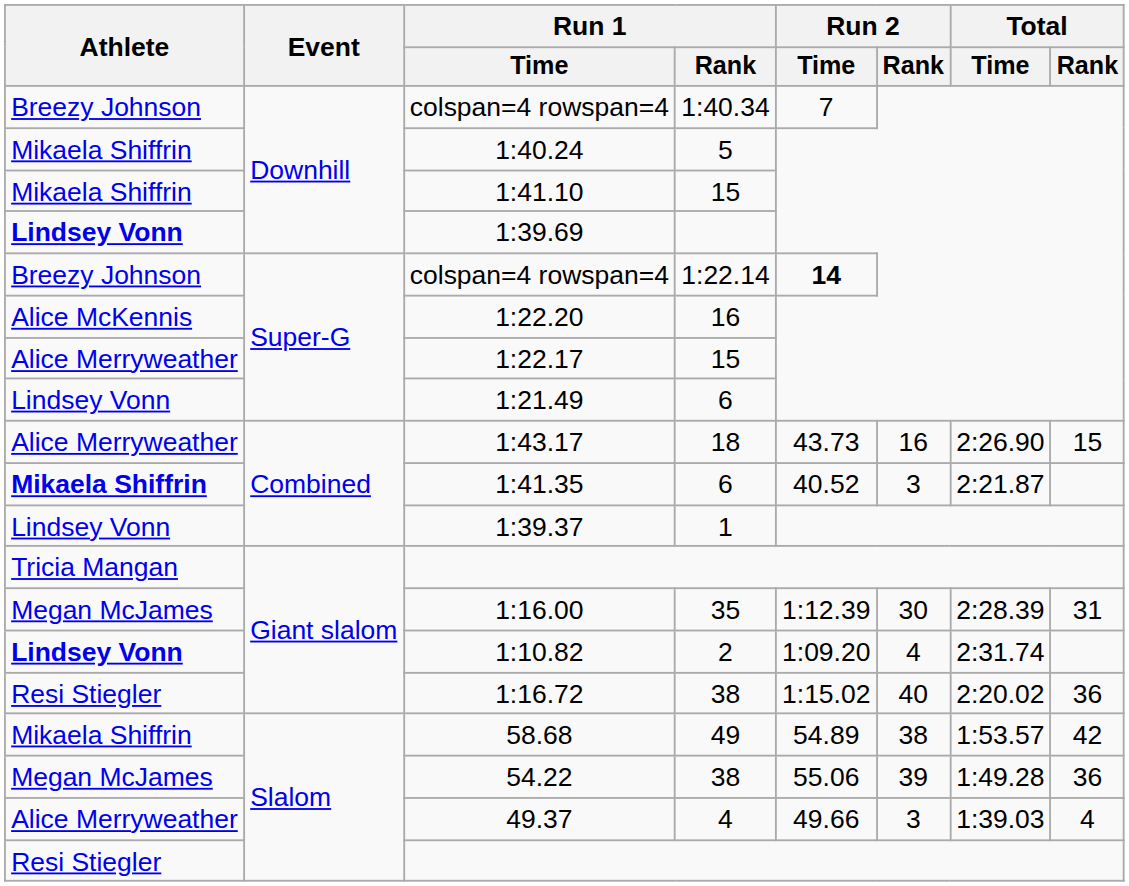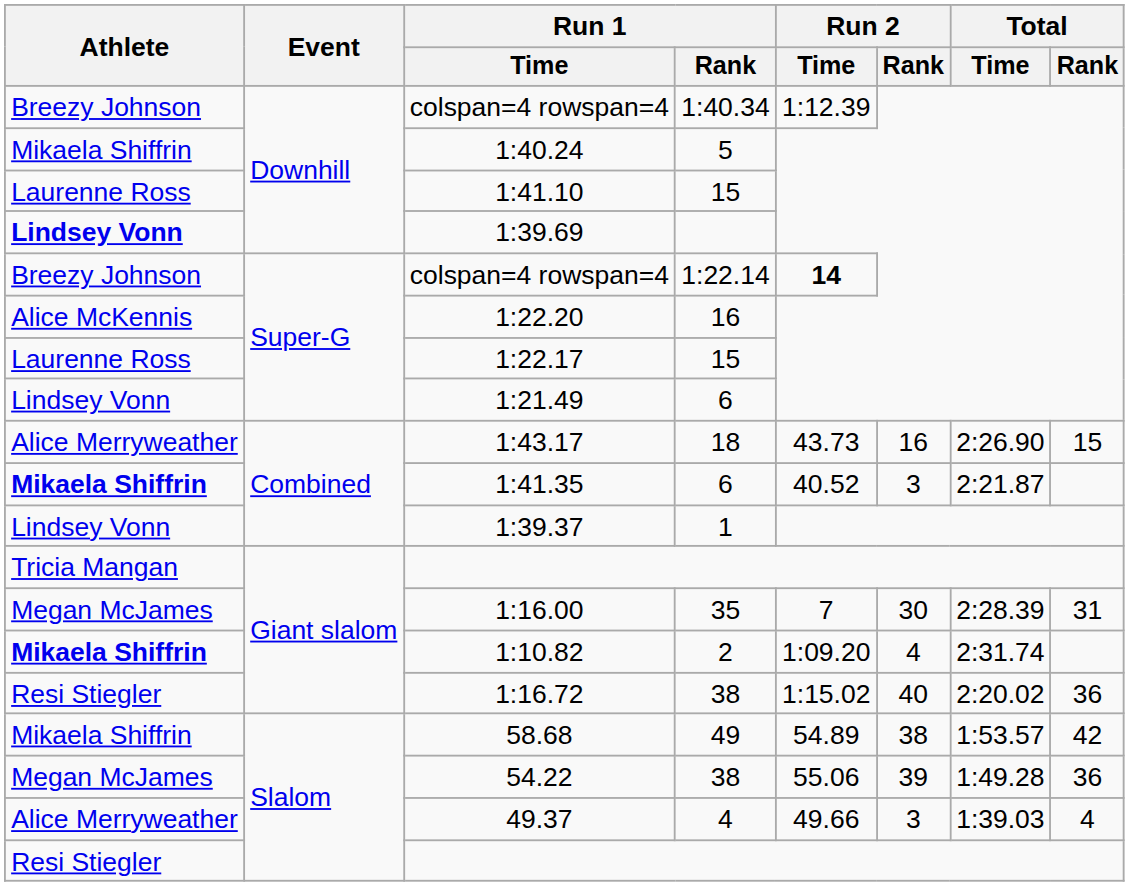 <table class=wikitable style=font-size:90%;text-align:center>
 <tr>
 <th rowspan=2>Athlete</th>
 <th rowspan=2>Event</th>
 <th colspan=2>Run 1</th>
 <th colspan=2>Run 2</th>
 <th colspan=2>Total</th>
 </tr>
 <tr style=font-size:95%>
 <th>Time</th>
 <th>Rank</th>
 <th>Time</th>
 <th>Rank</th>
 <th>Time</th>
 <th>Rank</th>
 </tr>
 <tr>
 <td align=left><a href='#'>Breezy Johnson</a></td>
 <td style="text-align:left;" rowspan="4"><a href='#'>Downhill</a></td>
 <td>colspan=4 rowspan=4 </td>
 <td>1:40.34</td>
-<td>7</td>
+<td>1:12.39</td>
 </tr>
 <tr>
 <td align=left><a href='#'>Mikaela Shiffrin</a></td>
 <td>1:40.24</td>
 <td>5</td>
 </tr>
 <tr>
-<td align=left><a href='#'>Mikaela Shiffrin</a></td>
+<td align=left><a href='#'>Laurenne Ross</a></td>
 <td>1:41.10</td>
 <td>15</td>
 </tr>
 <tr>
 <td align=left><strong><a href='#'>Lindsey Vonn</a></strong></td>
 <td>1:39.69</td>
 <td></td>
 </tr>
 <tr>
 <td align=left><a href='#'>Breezy Johnson</a></td>
 <td style="text-align:left;" rowspan="4"><a href='#'>Super-G</a></td>
 <td>colspan=4 rowspan=4 </td>
 <td>1:22.14</td>
 <td><strong>14</strong></td>
 </tr>
 <tr>
 <td align=left><a href='#'>Alice McKennis</a></td>
 <td>1:22.20</td>
 <td>16</td>
 </tr>
 <tr>
-<td align=left><a href='#'>Alice Merryweather</a></td>
+<td align=left><a href='#'>Laurenne Ross</a></td>
 <td>1:22.17</td>
 <td>15</td>
 </tr>
 <tr>
 <td align=left><a href='#'>Lindsey Vonn</a></td>
 <td>1:21.49</td>
 <td>6</td>
 </tr>
 <tr>
 <td align=left><a href='#'>Alice Merryweather</a></td>
 <td style="text-align:left;" rowspan="3"><a href='#'>Combined</a></td>
 <td>1:43.17</td>
 <td>18</td>
 <td>43.73</td>
 <td>16</td>
 <td>2:26.90</td>
 <td>15</td>
 </tr>
 <tr>
 <td align=left><strong><a href='#'>Mikaela Shiffrin</a></strong></td>
 <td>1:41.35</td>
 <td>6</td>
 <td>40.52</td>
 <td>3</td>
 <td>2:21.87</td>
 <td></td>
 </tr>
 <tr>
 <td align=left><a href='#'>Lindsey Vonn</a></td>
 <td>1:39.37</td>
 <td>1</td>
 <td colspan=4></td>
 </tr>
 <tr>
 <td align=left><a href='#'>Tricia Mangan</a></td>
 <td style="text-align:left;" rowspan="4"><a href='#'>Giant slalom</a></td>
 <td colspan=6></td>
 </tr>
 <tr>
 <td align=left><a href='#'>Megan McJames</a></td>
 <td>1:16.00</td>
 <td>35</td>
-<td>1:12.39</td>
+<td>7</td>
 <td>30</td>
 <td>2:28.39</td>
 <td>31</td>
 </tr>
 <tr>
-<td align=left><strong><a href='#'>Lindsey Vonn</a></strong></td>
+<td align=left><strong><a href='#'>Mikaela Shiffrin</a></strong></td>
 <td>1:10.82</td>
 <td>2</td>
 <td>1:09.20</td>
 <td>4</td>
 <td>2:31.74</td>
 <td></td>
 </tr>
 <tr>
 <td align=left><a href='#'>Resi Stiegler</a></td>
 <td>1:16.72</td>
 <td>38</td>
 <td>1:15.02</td>
 <td>40</td>
 <td>2:20.02</td>
 <td>36</td>
 </tr>
 <tr>
 <td align=left><a href='#'>Mikaela Shiffrin</a></td>
 <td style="text-align:left;" rowspan="4"><a href='#'>Slalom</a></td>
 <td>58.68</td>
 <td>49</td>
 <td>54.89</td>
 <td>38</td>
 <td>1:53.57</td>
 <td>42</td>
 </tr>
 <tr>
 <td align=left><a href='#'>Megan McJames</a></td>
 <td>54.22</td>
 <td>38</td>
 <td>55.06</td>
 <td>39</td>
 <td>1:49.28</td>
 <td>36</td>
 </tr>
 <tr>
 <td align=left><a href='#'>Alice Merryweather</a></td>
 <td>49.37</td>
 <td>4</td>
 <td>49.66</td>
 <td>3</td>
 <td>1:39.03</td>
 <td>4</td>
 </tr>
 <tr>
 <td align=left><a href='#'>Resi Stiegler</a></td>
 <td colspan=6></td>
 </tr>
 </table>
